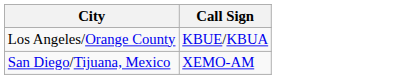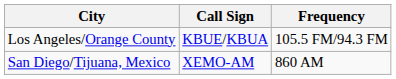 <table class="wikitable">
 <tr>
 <th>City</th>
 <th>Call Sign</th>
+<th>Frequency</th>
 </tr>
 <tr>
 <td>Los Angeles/<a href='#'>Orange County</a></td>
 <td><a href='#'>KBUE</a>/<a href='#'>KBUA</a></td>
+<td>105.5 FM/94.3 FM</td>
 </tr>
 <tr>
 <td><a href='#'>San Diego</a>/<a href='#'>Tijuana, Mexico</a></td>
 <td><a href='#'>XEMO-AM</a></td>
+<td>860 AM</td>
 </tr>
 </table>
